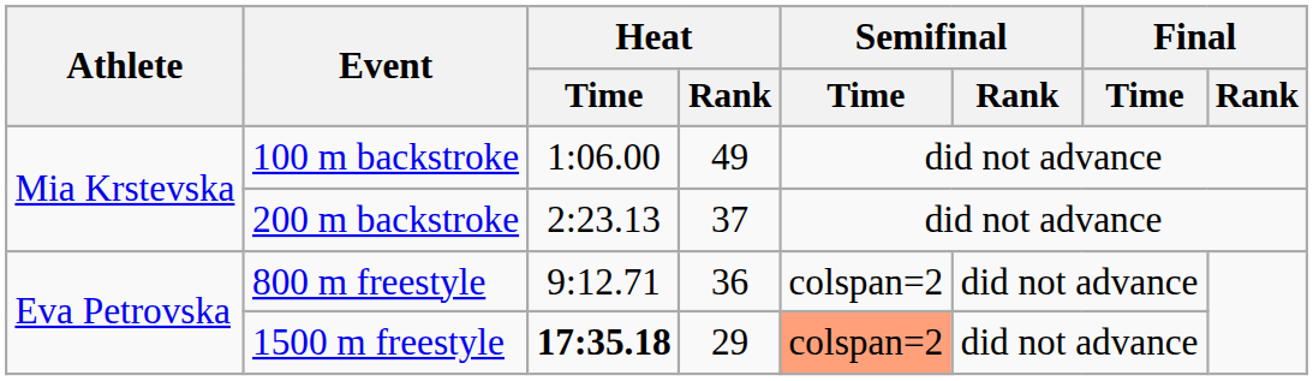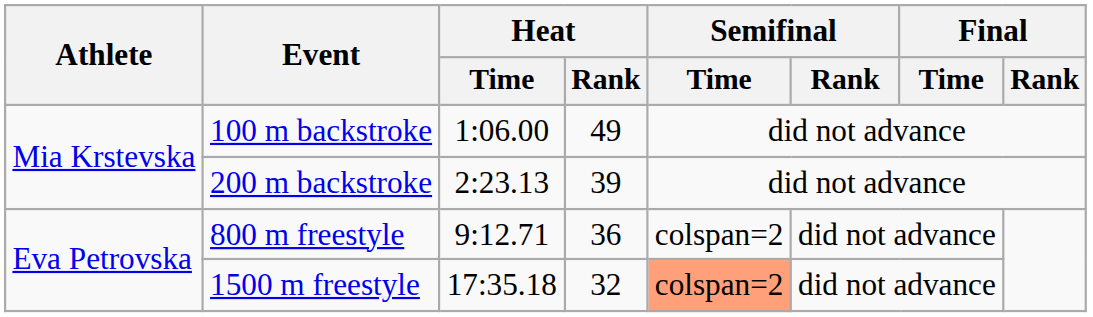 <table class="wikitable" style="text-align:center; font-size:90%">
 <tr>
 <th rowspan="2">Athlete</th>
 <th rowspan="2">Event</th>
 <th colspan="2">Heat</th>
 <th colspan="2">Semifinal</th>
 <th colspan="2">Final</th>
 </tr>
 <tr style="font-size:95%">
 <th>Time</th>
 <th>Rank</th>
 <th>Time</th>
 <th>Rank</th>
 <th>Time</th>
 <th>Rank</th>
 </tr>
 <tr>
 <td align=left rowspan=2><a href='#'>Mia Krstevska</a></td>
 <td align=left><a href='#'>100 m backstroke</a></td>
 <td>1:06.00</td>
 <td>49</td>
 <td colspan=4>did not advance</td>
 </tr>
 <tr>
 <td align=left><a href='#'>200 m backstroke</a></td>
 <td>2:23.13</td>
-<td>37</td>
+<td>39</td>
 <td colspan=4>did not advance</td>
 </tr>
 <tr>
 <td align=left rowspan=2><a href='#'>Eva Petrovska</a></td>
 <td align=left><a href='#'>800 m freestyle</a></td>
 <td>9:12.71</td>
 <td>36</td>
 <td>colspan=2 </td>
 <td colspan=2>did not advance</td>
 </tr>
 <tr>
 <td align=left><a href='#'>1500 m freestyle</a></td>
-<td><strong>17:35.18</strong></td>
-<td>29</td>
+<td>17:35.18</td>
+<td>32</td>
 <td style="background: lightsalmon;">colspan=2 </td>
 <td colspan=2>did not advance</td>
 </tr>
 </table>
